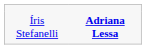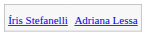 <table cellpadding=4 cellspacing=4 style="width:170px; border:1px solid #bbb; border-collapse:collapse; font-size: 85%; background:#f7f7f7; margin:1em auto">
 <tr>
 <td align=center valign=center bgcolor="#f7f7f7"></td>
 <td align=center valign=center bgcolor="#f7f7f7"></td>
 </tr>
 <tr>
 <td align=center><a href='#'>Íris Stefanelli</a></td>
-<td align=center><strong><a href='#'>Adriana Lessa</a></strong></td>
+<td align=center><a href='#'>Adriana Lessa</a></td>
 </tr>
 </table>
